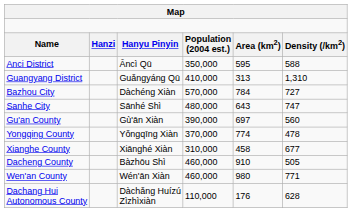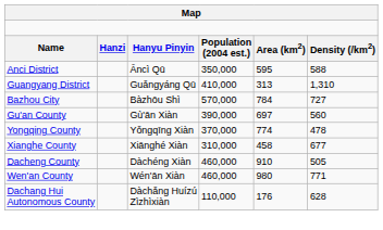 <table class="wikitable"  style="font-size:90%;" align=center>
 <tr>
 <th colspan="6">Map</th>
 </tr>
 <tr>
 <td colspan="6"><div><br>             </div></td>
 </tr>
 <tr>
 <th>Name</th>
 <th><a href='#'>Hanzi</a></th>
 <th><a href='#'>Hanyu Pinyin</a></th>
 <th>Population<br>(2004 est.)</th>
 <th>Area (km<sup>2</sup>)</th>
 <th>Density (/km<sup>2</sup>)</th>
 </tr>
 <tr>
 <td><a href='#'>Anci District</a></td>
 <td></td>
 <td>Āncì Qū</td>
 <td>350,000</td>
 <td>595</td>
 <td>588</td>
 </tr>
 <tr>
 <td><a href='#'>Guangyang District</a></td>
 <td></td>
 <td>Guǎngyáng Qū</td>
 <td>410,000</td>
 <td>313</td>
 <td>1,310</td>
 </tr>
 <tr>
 <td><a href='#'>Bazhou City</a></td>
 <td></td>
-<td>Dàchéng Xiàn</td>
+<td>Bàzhōu Shì</td>
 <td>570,000</td>
 <td>784</td>
 <td>727</td>
-</tr>
-<tr>
-<td><a href='#'>Sanhe City</a></td>
-<td></td>
-<td>Sānhé Shì</td>
-<td>480,000</td>
-<td>643</td>
-<td>747</td>
 </tr>
 <tr>
 <td><a href='#'>Gu'an County</a></td>
 <td></td>
 <td>Gù'ān Xiàn</td>
 <td>390,000</td>
 <td>697</td>
 <td>560</td>
 </tr>
 <tr>
 <td><a href='#'>Yongqing County</a></td>
 <td></td>
 <td>Yǒngqīng Xiàn</td>
 <td>370,000</td>
 <td>774</td>
 <td>478</td>
 </tr>
 <tr>
 <td><a href='#'>Xianghe County</a></td>
 <td></td>
 <td>Xiānghé Xiàn</td>
 <td>310,000</td>
 <td>458</td>
 <td>677</td>
 </tr>
 <tr>
 <td><a href='#'>Dacheng County</a></td>
 <td></td>
-<td>Bàzhōu Shì</td>
+<td>Dàchéng Xiàn</td>
 <td>460,000</td>
 <td>910</td>
 <td>505</td>
 </tr>
 <tr>
 <td><a href='#'>Wen'an County</a></td>
 <td></td>
 <td>Wén'ān Xiàn</td>
 <td>460,000</td>
 <td>980</td>
 <td>771</td>
 </tr>
 <tr>
 <td><a href='#'>Dachang Hui <br> Autonomous County</a></td>
 <td></td>
 <td>Dàchǎng Huízú<br>Zìzhìxiàn</td>
 <td>110,000</td>
 <td>176</td>
 <td>628</td>
 </tr>
 </table>
